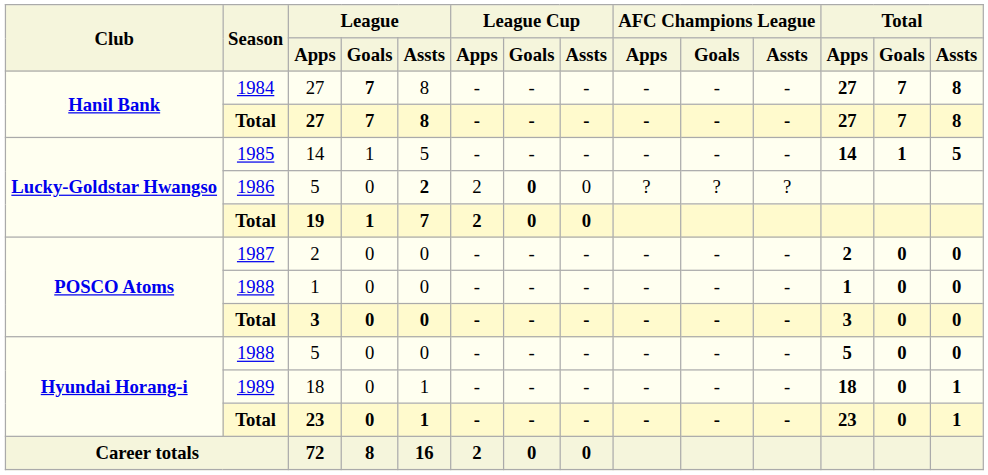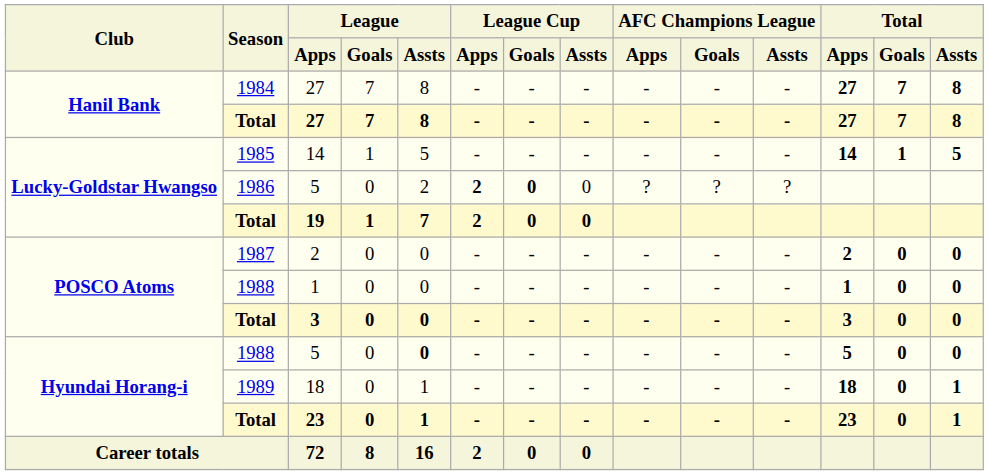 <table border=1 align=center cellpadding=4 cellspacing=2 style="background: ivory; font-size: 95%; border: 1px #aaaaaa solid; border-collapse: collapse; clear:center">
 <tr style="background:beige">
 <th rowspan="2">Club</th>
 <th rowspan="2">Season</th>
 <th colspan="3">League</th>
 <th colspan="3">League Cup</th>
 <th colspan="3">AFC Champions League</th>
 <th colspan="3">Total</th>
 </tr>
 <tr style="background:beige">
 <th>Apps</th>
 <th>Goals</th>
 <th>Assts</th>
 <th>Apps</th>
 <th>Goals</th>
 <th>Assts</th>
 <th>Apps</th>
 <th>Goals</th>
 <th>Assts</th>
 <th>Apps</th>
 <th>Goals</th>
 <th>Assts</th>
 </tr>
 <tr>
 <td rowspan="2" align=center valign=center><strong><a href='#'>Hanil Bank</a></strong></td>
 <td align="center"><a href='#'>1984</a></td>
 <td align="center">27</td>
-<td align="center"><strong>7</strong></td>
+<td align="center">7</td>
 <td align="center">8</td>
 <td align="center">-</td>
 <td align="center">-</td>
 <td align="center">-</td>
 <td align="center">-</td>
 <td align="center">-</td>
 <td align="center">-</td>
 <th>27</th>
 <th>7</th>
 <th>8</th>
 </tr>
 <tr style="background:lemonchiffon">
 <th>Total</th>
 <th>27</th>
 <th>7</th>
 <th>8</th>
 <th>-</th>
 <th>-</th>
 <th>-</th>
 <th>-</th>
 <th>-</th>
 <th>-</th>
 <th>27</th>
 <th>7</th>
 <th>8</th>
 </tr>
 <tr>
 <td rowspan="3" align=center valign=center><strong><a href='#'>Lucky-Goldstar Hwangso</a></strong></td>
 <td align="center"><a href='#'>1985</a></td>
 <td align="center">14</td>
 <td align="center">1</td>
 <td align="center">5</td>
 <td align="center">-</td>
 <td align="center">-</td>
 <td align="center">-</td>
 <td align="center">-</td>
 <td align="center">-</td>
 <td align="center">-</td>
 <th>14</th>
 <th>1</th>
 <th>5</th>
 </tr>
 <tr>
 <td align="center"><a href='#'>1986</a></td>
 <td align="center">5</td>
 <td align="center">0</td>
+<td align="center">2</td>
 <td align="center"><strong>2</strong></td>
-<td align="center">2</td>
 <td align="center"><strong>0</strong></td>
 <td align="center">0</td>
 <td align="center">?</td>
 <td align="center">?</td>
 <td align="center">?</td>
 <th></th>
 <th></th>
 <th></th>
 </tr>
 <tr style="background:lemonchiffon">
 <th>Total</th>
 <th>19</th>
 <th>1</th>
 <th>7</th>
 <th>2</th>
 <th>0</th>
 <th>0</th>
 <th></th>
 <th></th>
 <th></th>
 <th></th>
 <th></th>
 <th></th>
 </tr>
 <tr>
 <td rowspan="3" align=center valign=center><strong><a href='#'>POSCO Atoms</a></strong></td>
 <td align="center"><a href='#'>1987</a></td>
 <td align="center">2</td>
 <td align="center">0</td>
 <td align="center">0</td>
 <td align="center">-</td>
 <td align="center">-</td>
 <td align="center">-</td>
 <td align="center">-</td>
 <td align="center">-</td>
 <td align="center">-</td>
 <th>2</th>
 <th>0</th>
 <th>0</th>
 </tr>
 <tr>
 <td align="center"><a href='#'>1988</a></td>
 <td align="center">1</td>
 <td align="center">0</td>
 <td align="center">0</td>
 <td align="center">-</td>
 <td align="center">-</td>
 <td align="center">-</td>
 <td align="center">-</td>
 <td align="center">-</td>
 <td align="center">-</td>
 <th>1</th>
 <th>0</th>
 <th>0</th>
 </tr>
 <tr style="background:lemonchiffon">
 <th>Total</th>
 <th>3</th>
 <th>0</th>
 <th>0</th>
 <th>-</th>
 <th>-</th>
 <th>-</th>
 <th>-</th>
 <th>-</th>
 <th>-</th>
 <th>3</th>
 <th>0</th>
 <th>0</th>
 </tr>
 <tr>
 <td rowspan="3" align=center valign=center><strong><a href='#'>Hyundai Horang-i</a></strong></td>
 <td align="center"><a href='#'>1988</a></td>
 <td align="center">5</td>
 <td align="center">0</td>
-<td align="center">0</td>
+<td align="center"><strong>0</strong></td>
 <td align="center">-</td>
 <td align="center">-</td>
 <td align="center">-</td>
 <td align="center">-</td>
 <td align="center">-</td>
 <td align="center">-</td>
 <th>5</th>
 <th>0</th>
 <th>0</th>
 </tr>
 <tr>
 <td align="center"><a href='#'>1989</a></td>
 <td align="center">18</td>
 <td align="center">0</td>
 <td align="center">1</td>
 <td align="center">-</td>
 <td align="center">-</td>
 <td align="center">-</td>
 <td align="center">-</td>
 <td align="center">-</td>
 <td align="center">-</td>
 <th>18</th>
 <th>0</th>
 <th>1</th>
 </tr>
 <tr style="background:lemonchiffon">
 <th>Total</th>
 <th>23</th>
 <th>0</th>
 <th>1</th>
 <th>-</th>
 <th>-</th>
 <th>-</th>
 <th>-</th>
 <th>-</th>
 <th>-</th>
 <th>23</th>
 <th>0</th>
 <th>1</th>
 </tr>
 <tr style="background:beige">
 <th colspan="2">Career totals</th>
 <th>72</th>
 <th>8</th>
 <th>16</th>
 <th>2</th>
 <th>0</th>
 <th>0</th>
 <th></th>
 <th></th>
 <th></th>
 <th></th>
 <th></th>
 <th></th>
 </tr>
 </table>
